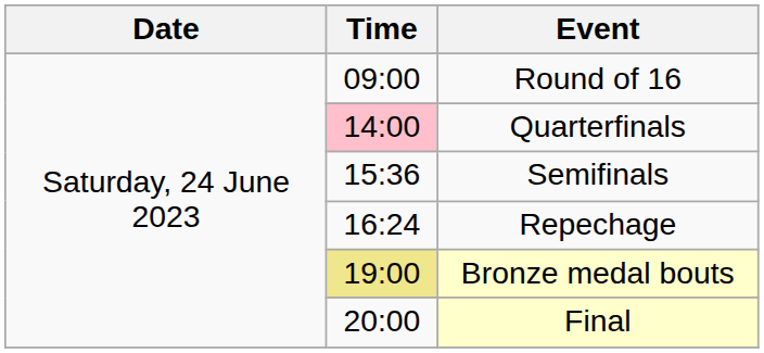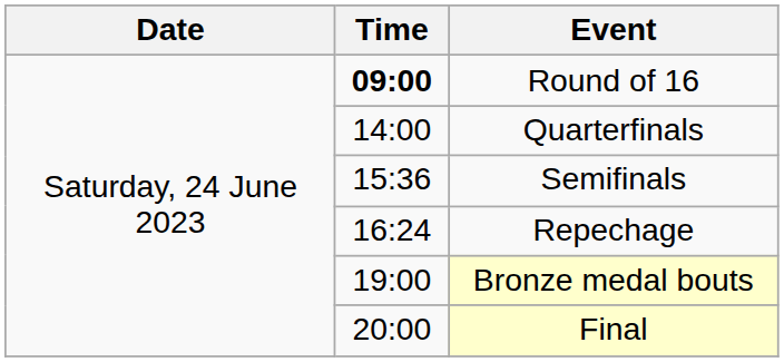 <table class = "wikitable" style="text-align:center;">
 <tr>
 <th width=160>Date</th>
 <th width=50>Time</th>
 <th width=160>Event</th>
 </tr>
 <tr>
 <td rowspan=6>Saturday, 24 June 2023</td>
-<td>09:00</td>
+<td><strong>09:00</strong></td>
 <td>Round of 16</td>
 </tr>
 <tr>
-<td style="background: pink;">14:00</td>
+<td>14:00</td>
 <td>Quarterfinals</td>
 </tr>
 <tr>
 <td>15:36</td>
 <td>Semifinals</td>
 </tr>
 <tr>
 <td>16:24</td>
 <td>Repechage</td>
 </tr>
 <tr>
-<td style="background: khaki;">19:00</td>
+<td>19:00</td>
 <td bgcolor=ffffcc>Bronze medal bouts</td>
 </tr>
 <tr>
 <td>20:00</td>
 <td bgcolor=ffffcc>Final</td>
 </tr>
 </table>
